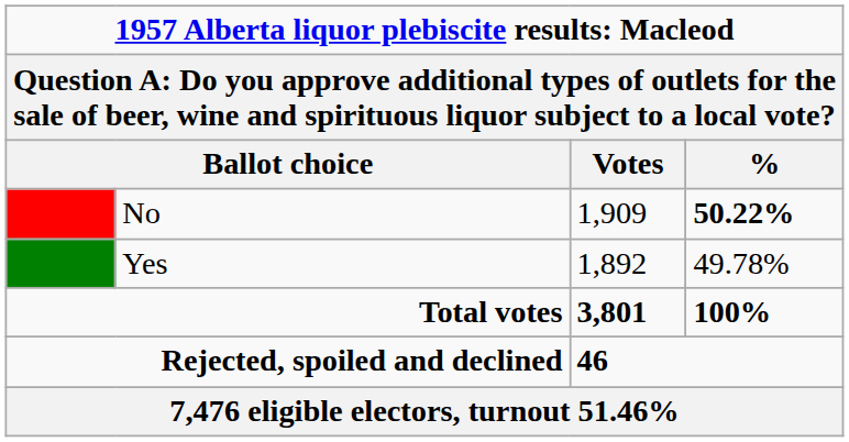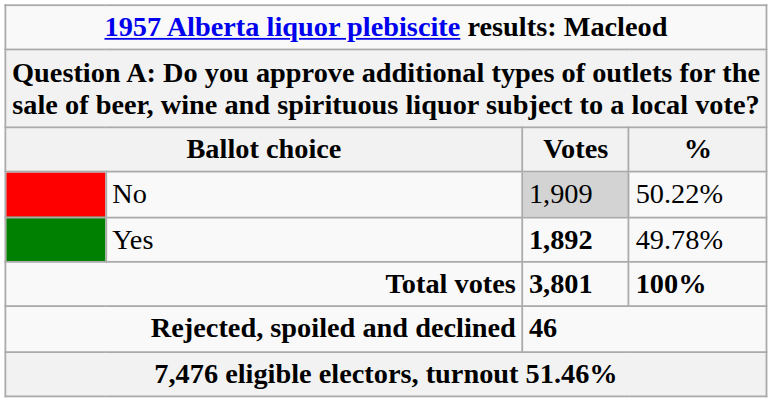 <table class="wikitable" align=right>
 <tr>
 <td colspan=4 align=center><strong><a href='#'>1957 Alberta liquor plebiscite</a> results: Macleod</strong></td>
 </tr>
 <tr>
 <th colspan=4>Question A: Do you approve additional types of outlets for the<br> sale of beer, wine and spirituous liquor subject to a local vote?</th>
 </tr>
 <tr>
 <th colspan=2>Ballot choice</th>
 <th>Votes</th>
 <th>%</th>
 </tr>
 <tr>
 <td bgcolor=red></td>
 <td>No</td>
-<td>1,909</td>
-<td><strong>50.22%</strong></td>
+<td style="background: lightgrey;">1,909</td>
+<td>50.22%</td>
 </tr>
 <tr>
 <td bgcolor=green></td>
 <td>Yes</td>
-<td>1,892</td>
+<td><strong>1,892</strong></td>
 <td>49.78%</td>
 </tr>
 <tr>
 <td align=right colspan=2><strong>Total votes</strong></td>
 <td><strong>3,801</strong></td>
 <td><strong>100%</strong></td>
 </tr>
 <tr>
 <td align=right colspan=2><strong>Rejected, spoiled and declined</strong></td>
 <td colspan=2><strong>46</strong></td>
 </tr>
 <tr>
 <th colspan=4>7,476 eligible electors, turnout 51.46%</th>
 </tr>
 </table>
